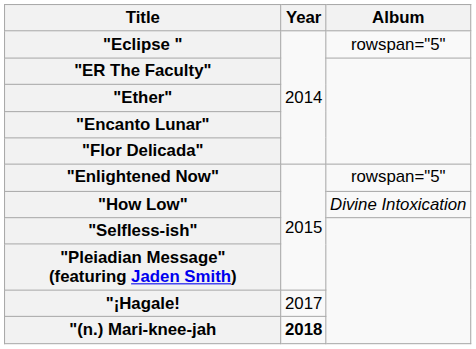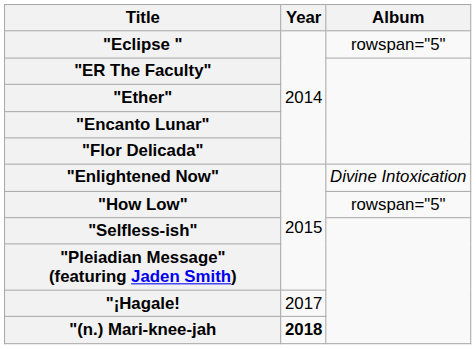 <table class="wikitable plainrowheaders" style="text-align:center">
 <tr>
 <th scope="col" style="width:16em;">Title</th>
 <th scope="col">Year</th>
 <th scope="col">Album</th>
 </tr>
 <tr>
 <th scope="row">"Eclipse "</th>
 <td rowspan="5">2014</td>
 <td>rowspan="5" </td>
 </tr>
 <tr>
 <th scope="row">"ER The Faculty"</th>
 </tr>
 <tr>
 <th scope="row">"Ether"</th>
 </tr>
 <tr>
 <th scope="row">"Encanto Lunar"</th>
 </tr>
 <tr>
 <th scope="row">"Flor Delicada"</th>
 </tr>
 <tr>
 <th scope="row">"Enlightened Now"</th>
 <td rowspan="4">2015</td>
-<td>rowspan="5" </td>
+<td><em>Divine Intoxication</em></td>
 </tr>
 <tr>
 <th scope="row">"How Low"</th>
-<td><em>Divine Intoxication</em></td>
+<td>rowspan="5" </td>
 </tr>
 <tr>
 <th scope="row">"Selfless-ish"</th>
 </tr>
 <tr>
 <th scope="row">"Pleiadian Message"<br><span>(featuring <a href='#'>Jaden Smith</a>)</span></th>
 </tr>
 <tr>
 <th scope="row">"¡Hagale!</th>
 <td>2017</td>
 </tr>
 <tr>
 <th scope="row">"(n.) Mari-knee-jah</th>
 <td><strong>2018</strong></td>
 </tr>
 </table>
